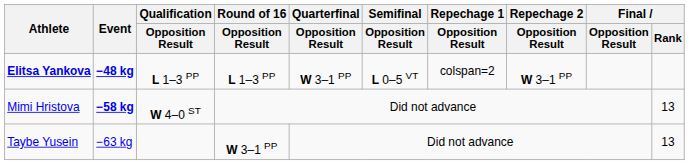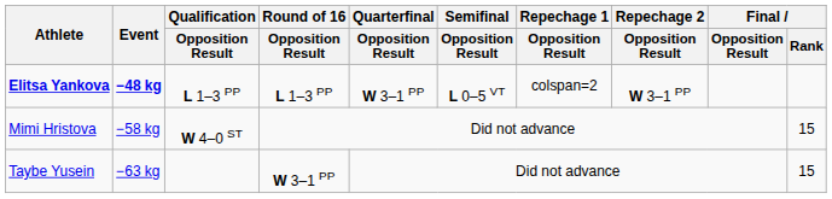 <table class="wikitable" style="font-size:90%">
 <tr>
 <th rowspan=2>Athlete</th>
 <th rowspan=2>Event</th>
 <th>Qualification</th>
 <th>Round of 16</th>
 <th>Quarterfinal</th>
 <th>Semifinal</th>
 <th>Repechage 1</th>
 <th>Repechage 2</th>
 <th colspan=2>Final / </th>
 </tr>
 <tr style="font-size: 95%">
 <th>Opposition<br>Result</th>
 <th>Opposition<br>Result</th>
 <th>Opposition<br>Result</th>
 <th>Opposition<br>Result</th>
 <th>Opposition<br>Result</th>
 <th>Opposition<br>Result</th>
 <th>Opposition<br>Result</th>
 <th>Rank</th>
 </tr>
 <tr align=center>
 <td align=left><strong><a href='#'>Elitsa Yankova</a></strong></td>
 <td align=left><strong><a href='#'>−48 kg</a></strong></td>
 <td><br><strong>L</strong> 1–3 <sup>PP</sup></td>
 <td><br><strong>L</strong> 1–3 <sup>PP</sup></td>
 <td><br><strong>W</strong> 3–1 <sup>PP</sup></td>
 <td><br><strong>L</strong> 0–5 <sup>VT</sup></td>
 <td>colspan=2 </td>
 <td><br><strong>W</strong> 3–1 <sup>PP</sup></td>
 <td></td>
 </tr>
 <tr align=center>
 <td align=left><a href='#'>Mimi Hristova</a></td>
-<td align=left><strong><a href='#'>−58 kg</a></strong></td>
+<td align=left><a href='#'>−58 kg</a></td>
 <td><br><strong>W</strong> 4–0 <sup>ST</sup></td>
 <td colspan=6>Did not advance</td>
-<td>13</td>
+<td>15</td>
 </tr>
 <tr align=center>
 <td align=left><a href='#'>Taybe Yusein</a></td>
 <td align=left><a href='#'>−63 kg</a></td>
 <td></td>
 <td><br><strong>W</strong> 3–1 <sup>PP</sup></td>
 <td colspan=5>Did not advance</td>
-<td>13</td>
+<td>15</td>
 </tr>
 </table>
